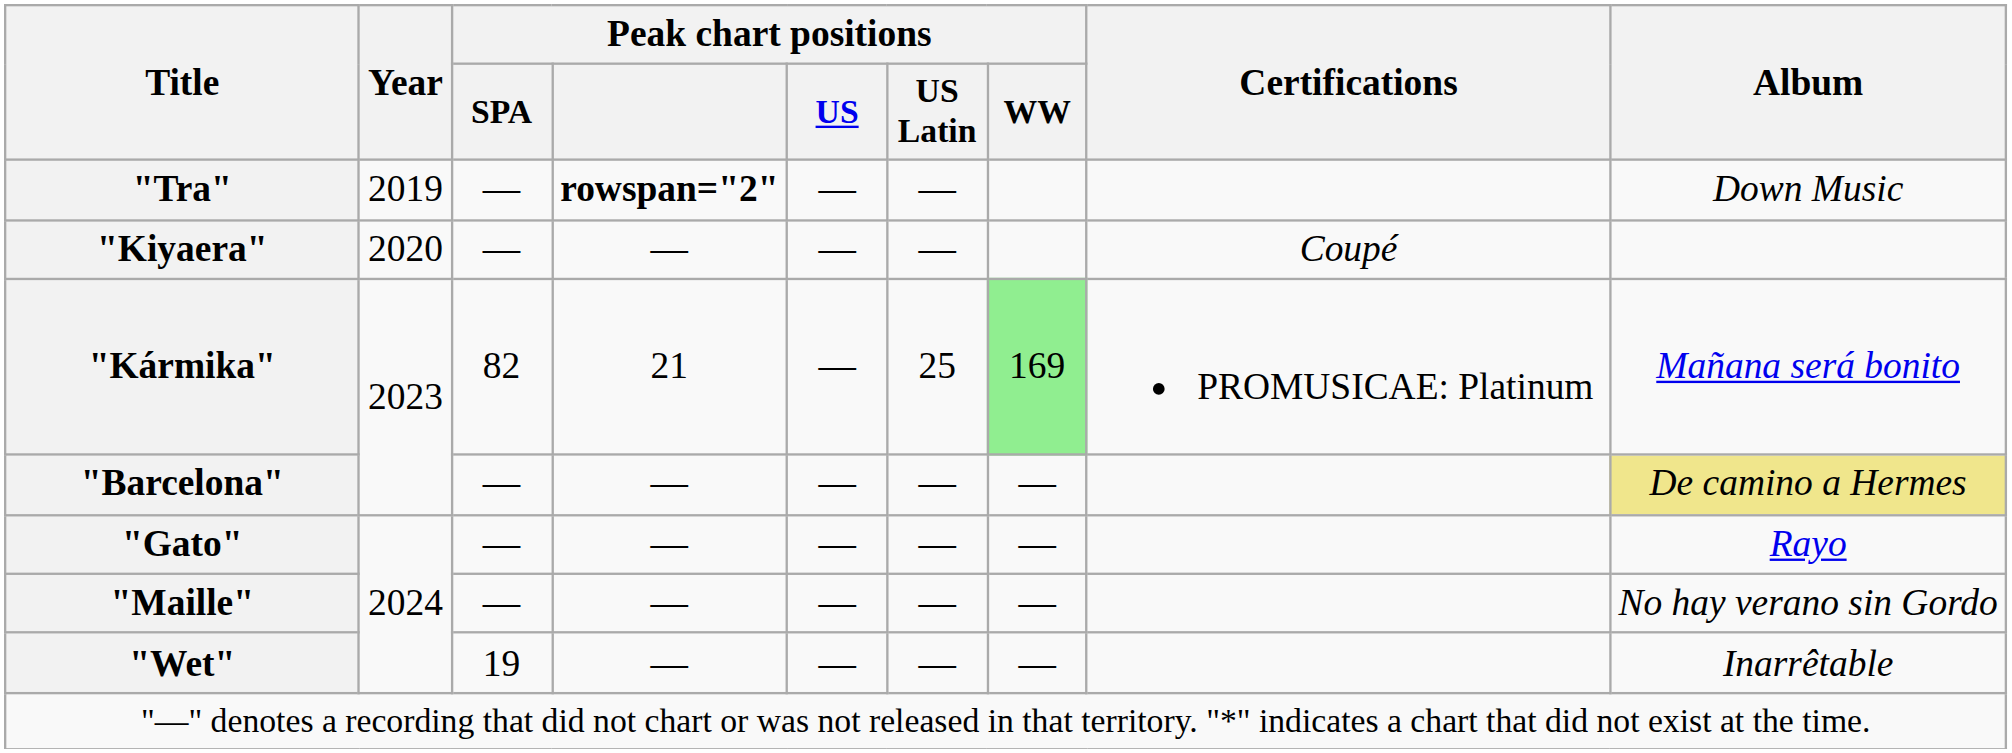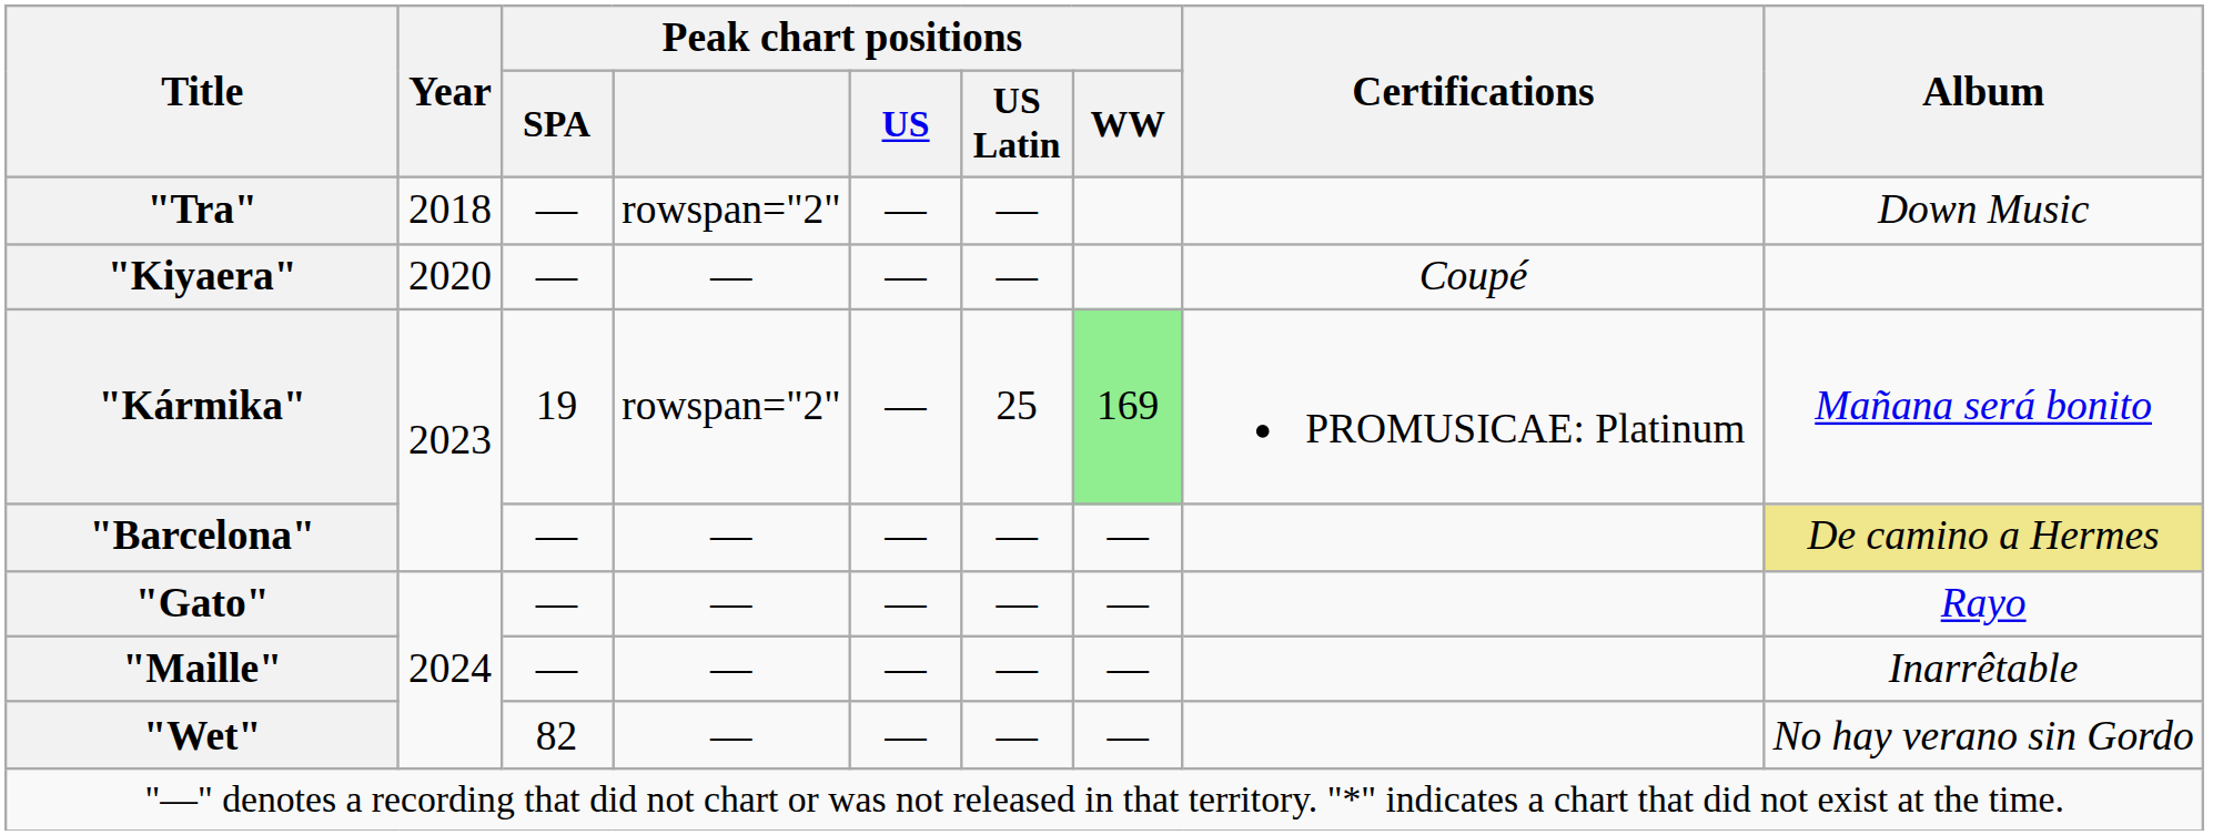 <table class="wikitable plainrowheaders" style="text-align:center">
 <tr>
 <th scope="col" rowspan="2" style="width:9em">Title</th>
 <th scope="col" rowspan="2">Year</th>
 <th scope="col" colspan="5">Peak chart positions</th>
 <th scope="col" rowspan="2" style="width:13.5em">Certifications</th>
 <th scope="col" rowspan="2">Album</th>
 </tr>
 <tr>
 <th scope="col" style="width:2.5em;font-size:90%">SPA<br></th>
 <th scope="col" style="width:2.5em;font-size:90%"><a href='#'></a><br></th>
 <th scope="col" style="width:2.5em;font-size:90%"><a href='#'>US</a></th>
 <th scope="col" style="width:2.5em;font-size:90%">US<br>Latin<br></th>
 <th scope="col" style="width:2.5em;font-size:90%">WW<br></th>
 </tr>
 <tr>
 <th scope="row">"Tra"<br></th>
-<td>2019</td>
+<td>2018</td>
 <td>—</td>
-<td><strong>rowspan="2" </strong></td>
+<td>rowspan="2" </td>
 <td>—</td>
 <td>—</td>
 <td></td>
 <td></td>
 <td><em>Down Music</em></td>
 </tr>
 <tr>
 <th scope="row">"Kiyaera"<br></th>
 <td>2020</td>
 <td>—</td>
 <td>—</td>
 <td>—</td>
 <td>—</td>
 <td></td>
 <td><em>Coupé</em></td>
 </tr>
 <tr>
 <th scope="row">"Kármika"<br></th>
 <td rowspan="2">2023</td>
-<td>82</td>
-<td>21</td>
+<td>19</td>
+<td>rowspan="2" </td>
 <td>—</td>
 <td>25</td>
 <td style="background: lightgreen;">169</td>
 <td><br><ul><li>PROMUSICAE: Platinum</li></ul></td>
 <td><em><a href='#'>Mañana será bonito</a></em></td>
 </tr>
 <tr>
 <th scope="row">"Barcelona"<br></th>
 <td>—</td>
 <td>—</td>
 <td>—</td>
 <td>—</td>
 <td>—</td>
 <td></td>
 <td style="background: khaki;"><em>De camino a Hermes</em></td>
 </tr>
 <tr>
 <th scope="row">"Gato"<br></th>
 <td rowspan="3">2024</td>
 <td>—</td>
 <td>—</td>
 <td>—</td>
 <td>—</td>
 <td>—</td>
 <td></td>
 <td><em><a href='#'>Rayo</a></em></td>
 </tr>
 <tr>
 <th scope="row">"Maille"<br></th>
 <td>—</td>
 <td>—</td>
 <td>—</td>
 <td>—</td>
 <td>—</td>
 <td></td>
-<td><em>No hay verano sin Gordo</em></td>
+<td><em>Inarrêtable</em></td>
 </tr>
 <tr>
 <th scope="row">"Wet"<br></th>
-<td>19</td>
+<td>82</td>
 <td>—</td>
 <td>—</td>
 <td>—</td>
 <td>—</td>
 <td></td>
-<td><em>Inarrêtable</em></td>
+<td><em>No hay verano sin Gordo</em></td>
 </tr>
 <tr>
 <td colspan="9" style="font-size:90%">"—" denotes a recording that did not chart or was not released in that territory. "*" indicates a chart that did not exist at the time.</td>
 </tr>
 </table>
